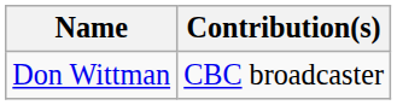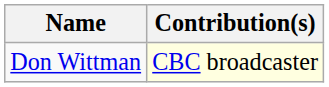 <table class="wikitable">
 <tr>
 <th><strong>Name</strong></th>
 <th><strong>Contribution(s)</strong></th>
 </tr>
 <tr>
 <td><a href='#'>Don Wittman</a></td>
-<td><a href='#'>CBC</a> broadcaster</td>
+<td style="background: lightyellow;"><a href='#'>CBC</a> broadcaster</td>
 </tr>
 </table>
